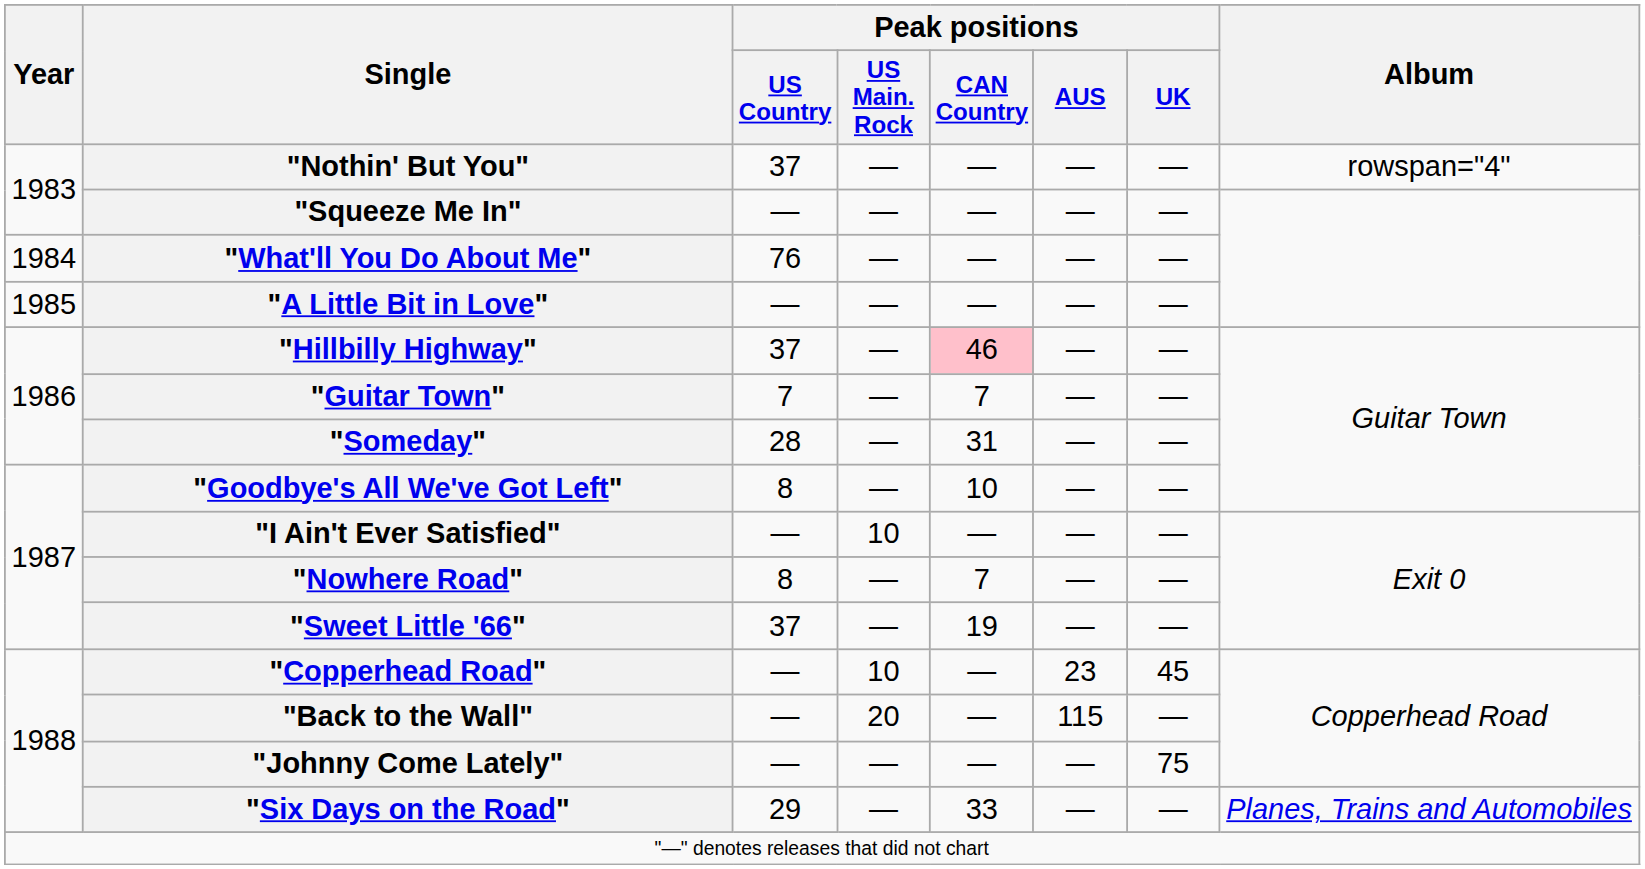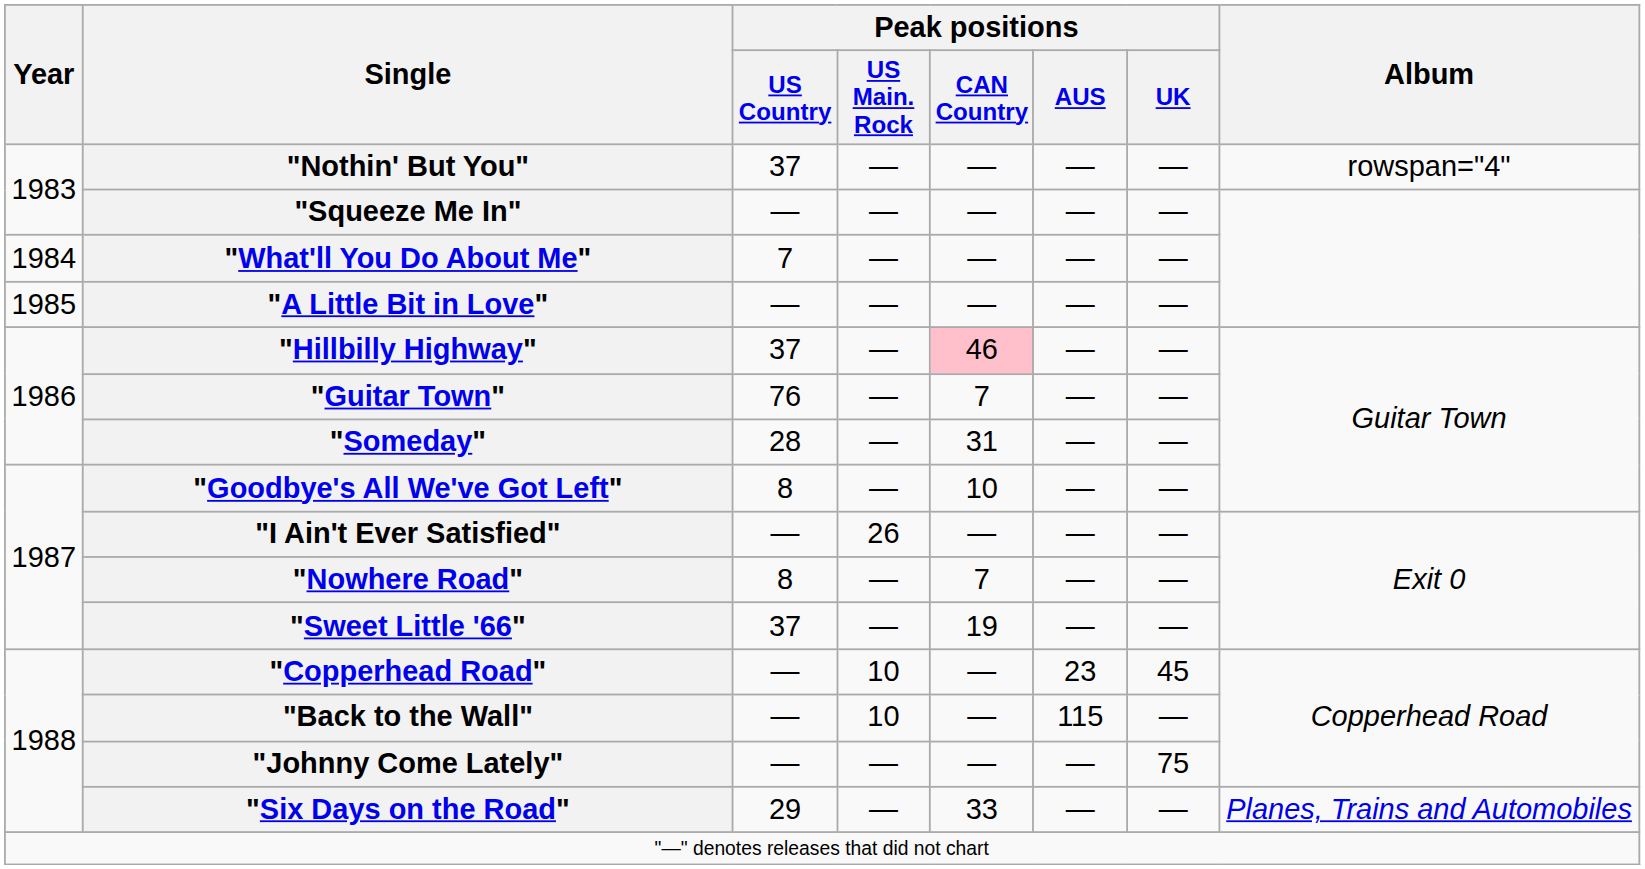 <table class="wikitable plainrowheaders" style="text-align:center;">
 <tr>
 <th rowspan="2">Year</th>
 <th rowspan="2" style="width:22em;">Single</th>
 <th colspan="5">Peak positions</th>
 <th rowspan="2">Album</th>
 </tr>
 <tr style="font-size:smaller;">
 <th width="45"><a href='#'>US Country</a><br></th>
 <th width="45"><a href='#'>US Main. Rock</a><br></th>
 <th width="45"><a href='#'>CAN Country</a><br></th>
 <th width="45"><a href='#'>AUS</a><br></th>
 <th width="45"><a href='#'>UK</a><br></th>
 </tr>
 <tr>
 <td rowspan="2">1983</td>
 <th scope="row">"Nothin' But You"</th>
 <td>37</td>
 <td>—</td>
 <td>—</td>
 <td>—</td>
 <td>—</td>
 <td>rowspan="4" </td>
 </tr>
 <tr>
 <th scope="row">"Squeeze Me In"</th>
 <td>—</td>
 <td>—</td>
 <td>—</td>
 <td>—</td>
 <td>—</td>
 </tr>
 <tr>
 <td>1984</td>
 <th scope="row">"<a href='#'>What'll You Do About Me</a>"</th>
-<td>76</td>
+<td>7</td>
 <td>—</td>
 <td>—</td>
 <td>—</td>
 <td>—</td>
 </tr>
 <tr>
 <td>1985</td>
 <th scope="row">"<a href='#'>A Little Bit in Love</a>"</th>
 <td>—</td>
 <td>—</td>
 <td>—</td>
 <td>—</td>
 <td>—</td>
 </tr>
 <tr>
 <td rowspan="3">1986</td>
 <th scope="row">"<a href='#'>Hillbilly Highway</a>"</th>
 <td>37</td>
 <td>—</td>
 <td style="background: pink;">46</td>
 <td>—</td>
 <td>—</td>
 <td rowspan="4"><em>Guitar Town</em></td>
 </tr>
 <tr>
 <th scope="row">"<a href='#'>Guitar Town</a>"</th>
-<td>7</td>
+<td>76</td>
 <td>—</td>
 <td>7</td>
 <td>—</td>
 <td>—</td>
 </tr>
 <tr>
 <th scope="row">"<a href='#'>Someday</a>"</th>
 <td>28</td>
 <td>—</td>
 <td>31</td>
 <td>—</td>
 <td>—</td>
 </tr>
 <tr>
 <td rowspan="4">1987</td>
 <th scope="row">"<a href='#'>Goodbye's All We've Got Left</a>"</th>
 <td>8</td>
 <td>—</td>
 <td>10</td>
 <td>—</td>
 <td>—</td>
 </tr>
 <tr>
 <th scope="row">"I Ain't Ever Satisfied"</th>
 <td>—</td>
-<td>10</td>
+<td>26</td>
 <td>—</td>
 <td>—</td>
 <td>—</td>
 <td rowspan="3"><em>Exit 0</em></td>
 </tr>
 <tr>
 <th scope="row">"<a href='#'>Nowhere Road</a>"</th>
 <td>8</td>
 <td>—</td>
 <td>7</td>
 <td>—</td>
 <td>—</td>
 </tr>
 <tr>
 <th scope="row">"<a href='#'>Sweet Little '66</a>"</th>
 <td>37</td>
 <td>—</td>
 <td>19</td>
 <td>—</td>
 <td>—</td>
 </tr>
 <tr>
 <td rowspan="4">1988</td>
 <th scope="row">"<a href='#'>Copperhead Road</a>"</th>
 <td>—</td>
 <td>10</td>
 <td>—</td>
 <td>23</td>
 <td>45</td>
 <td rowspan="3"><em>Copperhead Road</em></td>
 </tr>
 <tr>
 <th scope="row">"Back to the Wall"</th>
 <td>—</td>
-<td>20</td>
+<td>10</td>
 <td>—</td>
 <td>115</td>
 <td>—</td>
 </tr>
 <tr>
 <th scope="row">"Johnny Come Lately"</th>
 <td>—</td>
 <td>—</td>
 <td>—</td>
 <td>—</td>
 <td>75</td>
 </tr>
 <tr>
 <th scope="row">"<a href='#'>Six Days on the Road</a>"</th>
 <td>29</td>
 <td>—</td>
 <td>33</td>
 <td>—</td>
 <td>—</td>
 <td><em><a href='#'>Planes, Trains and Automobiles</a></em></td>
 </tr>
 <tr>
 <td colspan="10" style="font-size:8pt">"—" denotes releases that did not chart</td>
 </tr>
 <tr>
 </tr>
 </table>
